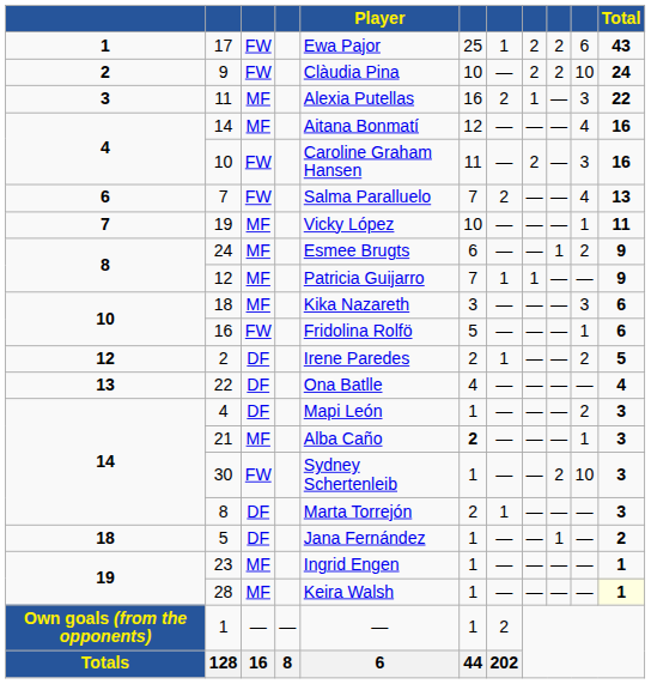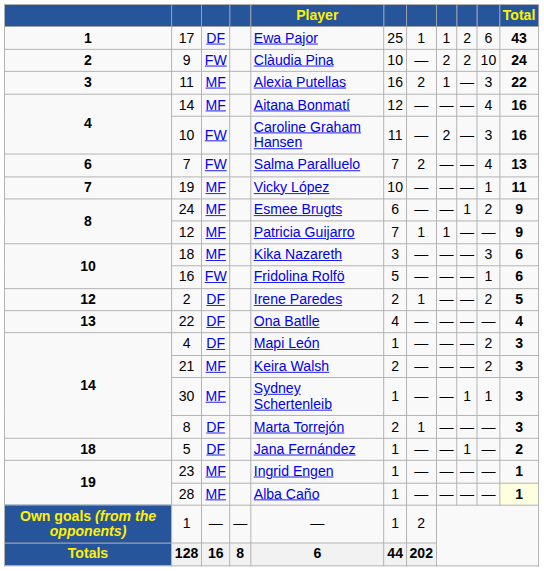 <table class="wikitable" style="text-align:center;">
 <tr>
 <th style="background:#26559B; color:#FFF000; "></th>
 <th style="background:#26559B; color:#FFF000; "></th>
 <th style="background:#26559B; color:#FFF000; "></th>
 <th style="background:#26559B; color:#FFF000; "></th>
 <th style="background:#26559B; color:#FFF000; ">Player</th>
 <th style="background:#26559B; color:#FFF000; "></th>
 <th style="background:#26559B; color:#FFF000; "></th>
 <th style="background:#26559B; color:#FFF000; "></th>
 <th style="background:#26559B; color:#FFF000; "></th>
 <th style="background:#26559B; color:#FFF000; "></th>
 <th style="background:#26559B; color:#FFF000; ">Total</th>
 </tr>
 <tr>
 <td><strong>1</strong></td>
 <td>17</td>
-<td><a href='#'>FW</a></td>
+<td><a href='#'>DF</a></td>
 <td></td>
 <td align="left"><a href='#'>Ewa Pajor</a></td>
 <td>25</td>
 <td>1</td>
-<td>2</td>
+<td>1</td>
 <td>2</td>
 <td>6</td>
 <td><strong>43</strong></td>
 </tr>
 <tr>
 <td><strong>2</strong></td>
 <td>9</td>
 <td><a href='#'>FW</a></td>
 <td></td>
 <td align="left"><a href='#'>Clàudia Pina</a></td>
 <td>10</td>
 <td>—</td>
 <td>2</td>
 <td>2</td>
 <td>10</td>
 <td><strong>24</strong></td>
 </tr>
 <tr>
 <td><strong>3</strong></td>
 <td>11</td>
 <td><a href='#'>MF</a></td>
 <td></td>
 <td align="left"><a href='#'>Alexia Putellas</a></td>
 <td>16</td>
 <td>2</td>
 <td>1</td>
 <td>—</td>
 <td>3</td>
 <td><strong>22</strong></td>
 </tr>
 <tr>
 <td rowspan="2"><strong>4</strong></td>
 <td>14</td>
 <td><a href='#'>MF</a></td>
 <td></td>
 <td align="left"><a href='#'>Aitana Bonmatí</a></td>
 <td>12</td>
 <td>—</td>
 <td>—</td>
 <td>—</td>
 <td>4</td>
 <td><strong>16</strong></td>
 </tr>
 <tr>
 <td>10</td>
 <td><a href='#'>FW</a></td>
 <td></td>
 <td align="left"><a href='#'>Caroline Graham Hansen</a></td>
 <td>11</td>
 <td>—</td>
 <td>2</td>
 <td>—</td>
 <td>3</td>
 <td><strong>16</strong></td>
 </tr>
 <tr>
 <td><strong>6</strong></td>
 <td>7</td>
 <td><a href='#'>FW</a></td>
 <td></td>
 <td align="left"><a href='#'>Salma Paralluelo</a></td>
 <td>7</td>
 <td>2</td>
 <td>—</td>
 <td>—</td>
 <td>4</td>
 <td><strong>13</strong></td>
 </tr>
 <tr>
 <td><strong>7</strong></td>
 <td>19</td>
 <td><a href='#'>MF</a></td>
 <td></td>
 <td align="left"><a href='#'>Vicky López</a></td>
 <td>10</td>
 <td>—</td>
 <td>—</td>
 <td>—</td>
 <td>1</td>
 <td><strong>11</strong></td>
 </tr>
 <tr>
 <td rowspan="2"><strong>8</strong></td>
 <td>24</td>
 <td><a href='#'>MF</a></td>
 <td></td>
 <td align="left"><a href='#'>Esmee Brugts</a></td>
 <td>6</td>
 <td>—</td>
 <td>—</td>
 <td>1</td>
 <td>2</td>
 <td><strong>9</strong></td>
 </tr>
 <tr>
 <td>12</td>
 <td><a href='#'>MF</a></td>
 <td></td>
 <td align="left"><a href='#'>Patricia Guijarro</a></td>
 <td>7</td>
 <td>1</td>
 <td>1</td>
 <td>—</td>
 <td>—</td>
 <td><strong>9</strong></td>
 </tr>
 <tr>
 <td rowspan="2"><strong>10</strong></td>
 <td>18</td>
 <td><a href='#'>MF</a></td>
 <td></td>
 <td align="left"><a href='#'>Kika Nazareth</a></td>
 <td>3</td>
 <td>—</td>
 <td>—</td>
 <td>—</td>
 <td>3</td>
 <td><strong>6</strong></td>
 </tr>
 <tr>
 <td>16</td>
 <td><a href='#'>FW</a></td>
 <td></td>
 <td align="left"><a href='#'>Fridolina Rolfö</a></td>
 <td>5</td>
 <td>—</td>
 <td>—</td>
 <td>—</td>
 <td>1</td>
 <td><strong>6</strong></td>
 </tr>
 <tr>
 <td><strong>12</strong></td>
 <td>2</td>
 <td><a href='#'>DF</a></td>
 <td></td>
 <td align="left"><a href='#'>Irene Paredes</a></td>
 <td>2</td>
 <td>1</td>
 <td>—</td>
 <td>—</td>
 <td>2</td>
 <td><strong>5</strong></td>
 </tr>
 <tr>
 <td><strong>13</strong></td>
 <td>22</td>
 <td><a href='#'>DF</a></td>
 <td></td>
 <td align="left"><a href='#'>Ona Batlle</a></td>
 <td>4</td>
 <td>—</td>
 <td>—</td>
 <td>—</td>
 <td>—</td>
 <td><strong>4</strong></td>
 </tr>
 <tr>
 <td rowspan="4"><strong>14</strong></td>
 <td>4</td>
 <td><a href='#'>DF</a></td>
 <td></td>
 <td align="left"><a href='#'>Mapi León</a></td>
 <td>1</td>
 <td>—</td>
 <td>—</td>
 <td>—</td>
 <td>2</td>
 <td><strong>3</strong></td>
 </tr>
 <tr>
 <td>21</td>
 <td><a href='#'>MF</a></td>
 <td></td>
-<td align="left"><a href='#'>Alba Caño</a></td>
-<td><strong>2</strong></td>
+<td align="left"><a href='#'>Keira Walsh</a></td>
+<td>2</td>
 <td>—</td>
 <td>—</td>
 <td>—</td>
-<td>1</td>
+<td>2</td>
 <td><strong>3</strong></td>
 </tr>
 <tr>
 <td>30</td>
-<td><a href='#'>FW</a></td>
+<td><a href='#'>MF</a></td>
 <td></td>
 <td align="left"><a href='#'>Sydney Schertenleib</a></td>
 <td>1</td>
 <td>—</td>
 <td>—</td>
-<td>2</td>
-<td>10</td>
+<td>1</td>
+<td>1</td>
 <td><strong>3</strong></td>
 </tr>
 <tr>
 <td>8</td>
 <td><a href='#'>DF</a></td>
 <td></td>
 <td align="left"><a href='#'>Marta Torrejón</a></td>
 <td>2</td>
 <td>1</td>
 <td>—</td>
 <td>—</td>
 <td>—</td>
 <td><strong>3</strong></td>
 </tr>
 <tr>
 <td><strong>18</strong></td>
 <td>5</td>
 <td><a href='#'>DF</a></td>
 <td></td>
 <td align="left"><a href='#'>Jana Fernández</a></td>
 <td>1</td>
 <td>—</td>
 <td>—</td>
 <td>1</td>
 <td>—</td>
 <td><strong>2</strong></td>
 </tr>
 <tr>
 <td rowspan="2"><strong>19</strong></td>
 <td>23</td>
 <td><a href='#'>MF</a></td>
 <td></td>
 <td align="left"><a href='#'>Ingrid Engen</a></td>
 <td>1</td>
 <td>—</td>
 <td>—</td>
 <td>—</td>
 <td>—</td>
 <td><strong>1</strong></td>
 </tr>
 <tr>
 <td>28</td>
 <td><a href='#'>MF</a></td>
 <td></td>
-<td align="left"><a href='#'>Keira Walsh</a></td>
+<td align="left"><a href='#'>Alba Caño</a></td>
 <td>1</td>
 <td>—</td>
 <td>—</td>
 <td>—</td>
 <td>—</td>
 <td style="background: lightyellow;"><strong>1</strong></td>
 </tr>
 <tr>
 <td style="background:#26559B; color:#FFF000; "><strong>Own goals <em>(from the opponents)<strong><em></td>
 <td>1</td>
 <td>—</td>
 <td>—</td>
 <td>—</td>
 <td>1</td>
 <td></strong>2<strong></td>
 </tr>
 <tr>
 <th style="background:#26559B; color:#FFF000; ">Totals</th>
 <th>128</th>
 <th>16</th>
 <th>8</th>
 <th>6</th>
 <th>44</th>
 <th>202</th>
 </tr>
 </table>
